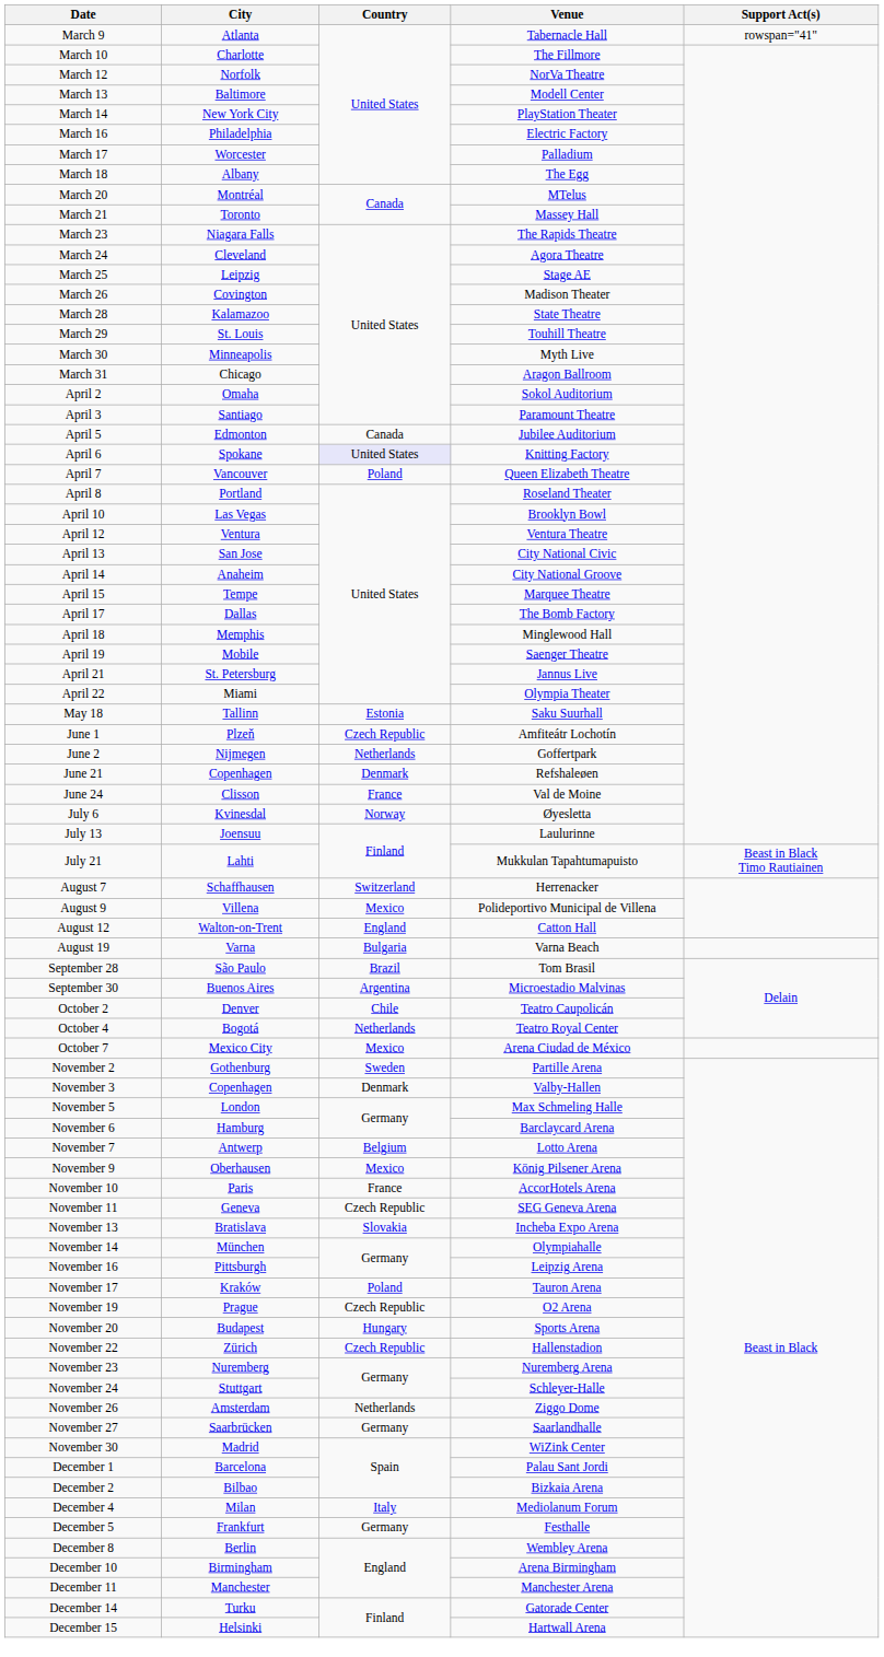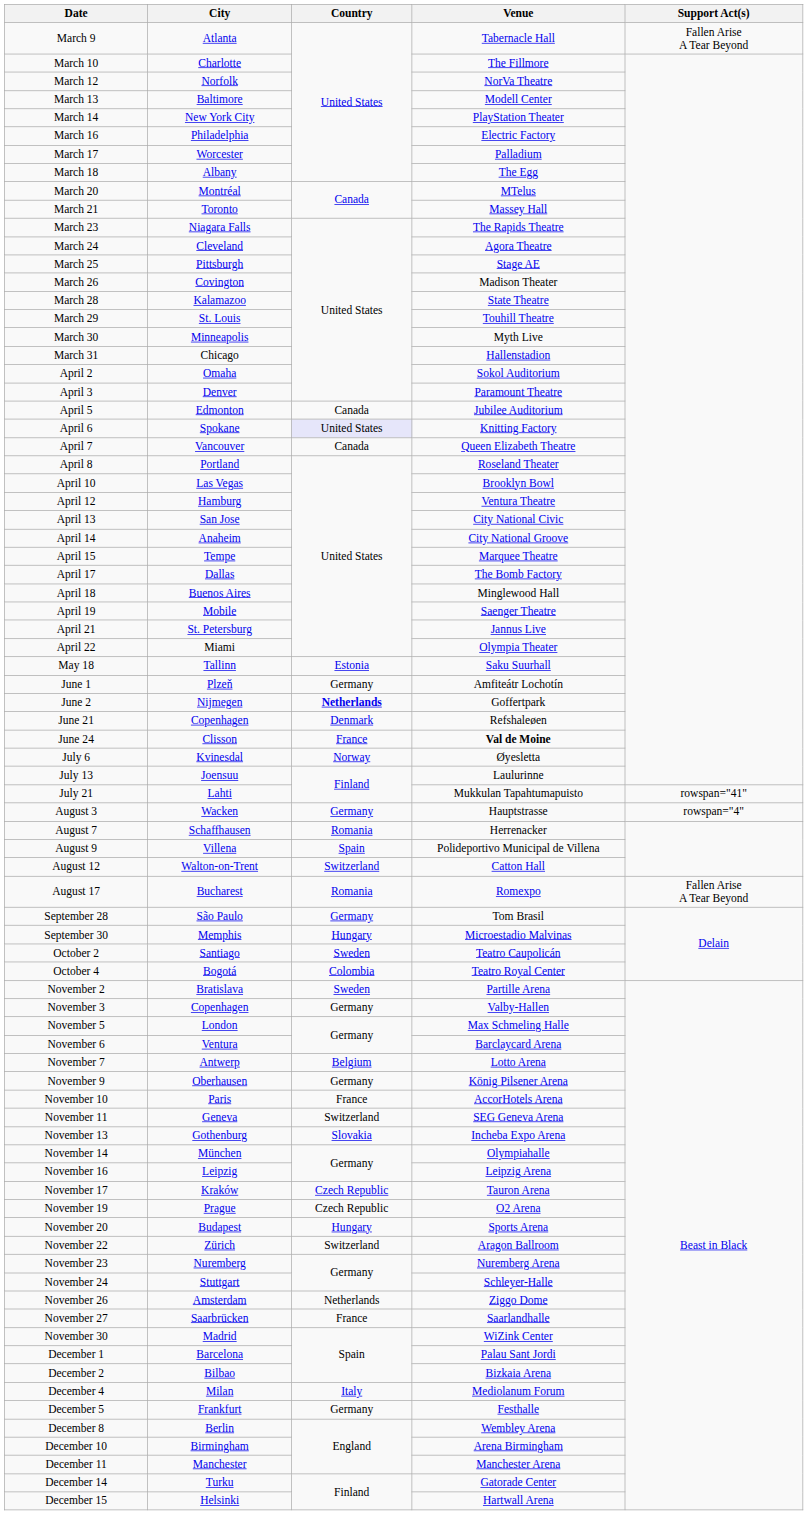 <table class="wikitable plainrowheaders" style="text-align:center;">
 <tr>
 <th scope="col" style="width:12em;">Date</th>
 <th scope="col" style="width:12em;">City</th>
 <th scope="col" style="width:10em;">Country</th>
 <th scope="col" style="width:18em;">Venue</th>
 <th scope="col" style="width:15em;">Support Act(s)</th>
 </tr>
 <tr>
 <td>March 9</td>
 <td><a href='#'>Atlanta</a></td>
 <td rowspan="8"><a href='#'>United States</a></td>
 <td><a href='#'>Tabernacle Hall</a></td>
-<td>rowspan="41" </td>
+<td>Fallen Arise<br>A Tear Beyond</td>
 </tr>
 <tr>
 <td>March 10</td>
 <td><a href='#'>Charlotte</a></td>
 <td><a href='#'>The Fillmore</a></td>
 </tr>
 <tr>
 <td>March 12</td>
 <td><a href='#'>Norfolk</a></td>
 <td><a href='#'>NorVa Theatre</a></td>
 </tr>
 <tr>
 <td>March 13</td>
 <td><a href='#'>Baltimore</a></td>
 <td><a href='#'>Modell Center</a></td>
 </tr>
 <tr>
 <td>March 14</td>
 <td><a href='#'>New York City</a></td>
 <td><a href='#'>PlayStation Theater</a></td>
 </tr>
 <tr>
 <td>March 16</td>
 <td><a href='#'>Philadelphia</a></td>
 <td><a href='#'>Electric Factory</a></td>
 </tr>
 <tr>
 <td>March 17</td>
 <td><a href='#'>Worcester</a></td>
 <td><a href='#'>Palladium</a></td>
 </tr>
 <tr>
 <td>March 18</td>
 <td><a href='#'>Albany</a></td>
 <td><a href='#'>The Egg</a></td>
 </tr>
 <tr>
 <td>March 20</td>
 <td><a href='#'>Montréal</a></td>
 <td rowspan="2"><a href='#'>Canada</a></td>
 <td><a href='#'>MTelus</a></td>
 </tr>
 <tr>
 <td>March 21</td>
 <td><a href='#'>Toronto</a></td>
 <td><a href='#'>Massey Hall</a></td>
 </tr>
 <tr>
 <td>March 23</td>
 <td><a href='#'>Niagara Falls</a></td>
 <td rowspan="10">United States</td>
 <td><a href='#'>The Rapids Theatre</a></td>
 </tr>
 <tr>
 <td>March 24</td>
 <td><a href='#'>Cleveland</a></td>
 <td><a href='#'>Agora Theatre</a></td>
 </tr>
 <tr>
 <td>March 25</td>
-<td><a href='#'>Leipzig</a></td>
+<td><a href='#'>Pittsburgh</a></td>
 <td><a href='#'>Stage AE</a></td>
 </tr>
 <tr>
 <td>March 26</td>
 <td><a href='#'>Covington</a></td>
 <td>Madison Theater</td>
 </tr>
 <tr>
 <td>March 28</td>
 <td><a href='#'>Kalamazoo</a></td>
 <td><a href='#'>State Theatre</a></td>
 </tr>
 <tr>
 <td>March 29</td>
 <td><a href='#'>St. Louis</a></td>
 <td><a href='#'>Touhill Theatre</a></td>
 </tr>
 <tr>
 <td>March 30</td>
 <td><a href='#'>Minneapolis</a></td>
 <td>Myth Live</td>
 </tr>
 <tr>
 <td>March 31</td>
 <td>Chicago</td>
-<td><a href='#'>Aragon Ballroom</a></td>
+<td><a href='#'>Hallenstadion</a></td>
 </tr>
 <tr>
 <td>April 2</td>
 <td><a href='#'>Omaha</a></td>
 <td><a href='#'>Sokol Auditorium</a></td>
 </tr>
 <tr>
 <td>April 3</td>
-<td><a href='#'>Santiago</a></td>
+<td><a href='#'>Denver</a></td>
 <td><a href='#'>Paramount Theatre</a></td>
 </tr>
 <tr>
 <td>April 5</td>
 <td><a href='#'>Edmonton</a></td>
 <td>Canada</td>
 <td><a href='#'>Jubilee Auditorium</a></td>
 </tr>
 <tr>
 <td>April 6</td>
 <td><a href='#'>Spokane</a></td>
 <td style="background: lavender;">United States</td>
 <td><a href='#'>Knitting Factory</a></td>
 </tr>
 <tr>
 <td>April 7</td>
 <td><a href='#'>Vancouver</a></td>
-<td><a href='#'>Poland</a></td>
+<td>Canada</td>
 <td><a href='#'>Queen Elizabeth Theatre</a></td>
 </tr>
 <tr>
 <td>April 8</td>
 <td><a href='#'>Portland</a></td>
 <td rowspan="11">United States</td>
 <td><a href='#'>Roseland Theater</a></td>
 </tr>
 <tr>
 <td>April 10</td>
 <td><a href='#'>Las Vegas</a></td>
 <td><a href='#'>Brooklyn Bowl</a></td>
 </tr>
 <tr>
 <td>April 12</td>
-<td><a href='#'>Ventura</a></td>
+<td><a href='#'>Hamburg</a></td>
 <td><a href='#'>Ventura Theatre</a></td>
 </tr>
 <tr>
 <td>April 13</td>
 <td><a href='#'>San Jose</a></td>
 <td><a href='#'>City National Civic</a></td>
 </tr>
 <tr>
 <td>April 14</td>
 <td><a href='#'>Anaheim</a></td>
 <td><a href='#'>City National Groove</a></td>
 </tr>
 <tr>
 <td>April 15</td>
 <td><a href='#'>Tempe</a></td>
 <td><a href='#'>Marquee Theatre</a></td>
 </tr>
 <tr>
 <td>April 17</td>
 <td><a href='#'>Dallas</a></td>
 <td><a href='#'>The Bomb Factory</a></td>
 </tr>
 <tr>
 <td>April 18</td>
-<td><a href='#'>Memphis</a></td>
+<td><a href='#'>Buenos Aires</a></td>
 <td>Minglewood Hall</td>
 </tr>
 <tr>
 <td>April 19</td>
 <td><a href='#'>Mobile</a></td>
 <td><a href='#'>Saenger Theatre</a></td>
 </tr>
 <tr>
 <td>April 21</td>
 <td><a href='#'>St. Petersburg</a></td>
 <td><a href='#'>Jannus Live</a></td>
 </tr>
 <tr>
 <td>April 22</td>
 <td>Miami</td>
 <td><a href='#'>Olympia Theater</a></td>
 </tr>
 <tr>
 <td>May 18</td>
 <td><a href='#'>Tallinn</a></td>
 <td><a href='#'>Estonia</a></td>
 <td><a href='#'>Saku Suurhall</a></td>
 </tr>
 <tr>
 <td>June 1</td>
 <td><a href='#'>Plzeň</a></td>
-<td><a href='#'>Czech Republic</a></td>
+<td>Germany</td>
 <td>Amfiteátr Lochotín</td>
 </tr>
 <tr>
 <td>June 2</td>
 <td><a href='#'>Nijmegen</a></td>
-<td><a href='#'>Netherlands</a></td>
+<td><strong><a href='#'>Netherlands</a></strong></td>
 <td>Goffertpark</td>
 </tr>
 <tr>
 <td>June 21</td>
 <td><a href='#'>Copenhagen</a></td>
 <td><a href='#'>Denmark</a></td>
 <td>Refshaleøen</td>
 </tr>
 <tr>
 <td>June 24</td>
 <td><a href='#'>Clisson</a></td>
 <td><a href='#'>France</a></td>
-<td>Val de Moine</td>
+<td><strong>Val de Moine</strong></td>
 </tr>
 <tr>
 <td>July 6</td>
 <td><a href='#'>Kvinesdal</a></td>
 <td><a href='#'>Norway</a></td>
 <td>Øyesletta</td>
 </tr>
 <tr>
 <td>July 13</td>
 <td><a href='#'>Joensuu</a></td>
 <td rowspan="2"><a href='#'>Finland</a></td>
 <td>Laulurinne</td>
 </tr>
 <tr>
 <td>July 21</td>
 <td><a href='#'>Lahti</a></td>
 <td>Mukkulan Tapahtumapuisto</td>
-<td><a href='#'>Beast in Black</a><br><a href='#'>Timo Rautiainen</a></td>
+<td>rowspan="41" </td>
+</tr>
+<tr>
+<td>August 3</td>
+<td><a href='#'>Wacken</a></td>
+<td><a href='#'>Germany</a></td>
+<td>Hauptstrasse</td>
+<td>rowspan="4" </td>
 </tr>
 <tr>
 <td>August 7</td>
 <td><a href='#'>Schaffhausen</a></td>
-<td><a href='#'>Switzerland</a></td>
+<td><a href='#'>Romania</a></td>
 <td>Herrenacker</td>
 </tr>
 <tr>
 <td>August 9</td>
 <td><a href='#'>Villena</a></td>
-<td><a href='#'>Mexico</a></td>
+<td><a href='#'>Spain</a></td>
 <td>Polideportivo Municipal de Villena</td>
 </tr>
 <tr>
 <td>August 12</td>
 <td><a href='#'>Walton-on-Trent</a></td>
-<td><a href='#'>England</a></td>
+<td><a href='#'>Switzerland</a></td>
 <td><a href='#'>Catton Hall</a></td>
 </tr>
 <tr>
-<td>August 19</td>
-<td><a href='#'>Varna</a></td>
-<td><a href='#'>Bulgaria</a></td>
-<td>Varna Beach</td>
-<td></td>
+<td>August 17</td>
+<td><a href='#'>Bucharest</a></td>
+<td><a href='#'>Romania</a></td>
+<td><a href='#'>Romexpo</a></td>
+<td>Fallen Arise<br>A Tear Beyond</td>
 </tr>
 <tr>
 <td>September 28</td>
 <td><a href='#'>São Paulo</a></td>
-<td><a href='#'>Brazil</a></td>
+<td><a href='#'>Germany</a></td>
 <td>Tom Brasil</td>
 <td rowspan="4"><a href='#'>Delain</a></td>
 </tr>
 <tr>
 <td>September 30</td>
-<td><a href='#'>Buenos Aires</a></td>
-<td><a href='#'>Argentina</a></td>
+<td><a href='#'>Memphis</a></td>
+<td><a href='#'>Hungary</a></td>
 <td><a href='#'>Microestadio Malvinas</a></td>
 </tr>
 <tr>
 <td>October 2</td>
-<td><a href='#'>Denver</a></td>
-<td><a href='#'>Chile</a></td>
+<td><a href='#'>Santiago</a></td>
+<td><a href='#'>Sweden</a></td>
 <td><a href='#'>Teatro Caupolicán</a></td>
 </tr>
 <tr>
 <td>October 4</td>
 <td><a href='#'>Bogotá</a></td>
-<td><a href='#'>Netherlands</a></td>
+<td><a href='#'>Colombia</a></td>
 <td><a href='#'>Teatro Royal Center</a></td>
 </tr>
 <tr>
-<td>October 7</td>
-<td><a href='#'>Mexico City</a></td>
-<td><a href='#'>Mexico</a></td>
-<td><a href='#'>Arena Ciudad de México</a></td>
-<td></td>
-</tr>
-<tr>
 <td>November 2</td>
-<td><a href='#'>Gothenburg</a></td>
+<td><a href='#'>Bratislava</a></td>
 <td><a href='#'>Sweden</a></td>
 <td><a href='#'>Partille Arena</a></td>
 <td rowspan="29"><a href='#'>Beast in Black</a></td>
 </tr>
 <tr>
 <td>November 3</td>
 <td><a href='#'>Copenhagen</a></td>
-<td>Denmark</td>
+<td>Germany</td>
 <td><a href='#'>Valby-Hallen</a></td>
 </tr>
 <tr>
 <td>November 5</td>
 <td><a href='#'>London</a></td>
 <td rowspan="2">Germany</td>
 <td><a href='#'>Max Schmeling Halle</a></td>
 </tr>
 <tr>
 <td>November 6</td>
-<td><a href='#'>Hamburg</a></td>
+<td><a href='#'>Ventura</a></td>
 <td><a href='#'>Barclaycard Arena</a></td>
 </tr>
 <tr>
 <td>November 7</td>
 <td><a href='#'>Antwerp</a></td>
 <td><a href='#'>Belgium</a></td>
 <td><a href='#'>Lotto Arena</a></td>
 </tr>
 <tr>
 <td>November 9</td>
 <td><a href='#'>Oberhausen</a></td>
-<td><a href='#'>Mexico</a></td>
+<td>Germany</td>
 <td><a href='#'>König Pilsener Arena</a></td>
 </tr>
 <tr>
 <td>November 10</td>
 <td><a href='#'>Paris</a></td>
 <td>France</td>
 <td><a href='#'>AccorHotels Arena</a></td>
 </tr>
 <tr>
 <td>November 11</td>
 <td><a href='#'>Geneva</a></td>
-<td>Czech Republic</td>
+<td>Switzerland</td>
 <td><a href='#'>SEG Geneva Arena</a></td>
 </tr>
 <tr>
 <td>November 13</td>
-<td><a href='#'>Bratislava</a></td>
+<td><a href='#'>Gothenburg</a></td>
 <td><a href='#'>Slovakia</a></td>
 <td><a href='#'>Incheba Expo Arena</a></td>
 </tr>
 <tr>
 <td>November 14</td>
 <td><a href='#'>München</a></td>
 <td rowspan="2">Germany</td>
 <td><a href='#'>Olympiahalle</a></td>
 </tr>
 <tr>
 <td>November 16</td>
-<td><a href='#'>Pittsburgh</a></td>
+<td><a href='#'>Leipzig</a></td>
 <td><a href='#'>Leipzig Arena</a></td>
 </tr>
 <tr>
 <td>November 17</td>
 <td><a href='#'>Kraków</a></td>
-<td><a href='#'>Poland</a></td>
+<td><a href='#'>Czech Republic</a></td>
 <td><a href='#'>Tauron Arena</a></td>
 </tr>
 <tr>
 <td>November 19</td>
 <td><a href='#'>Prague</a></td>
 <td>Czech Republic</td>
 <td><a href='#'>O2 Arena</a></td>
 </tr>
 <tr>
 <td>November 20</td>
 <td><a href='#'>Budapest</a></td>
 <td><a href='#'>Hungary</a></td>
 <td><a href='#'>Sports Arena</a></td>
 </tr>
 <tr>
 <td>November 22</td>
 <td><a href='#'>Zürich</a></td>
-<td><a href='#'>Czech Republic</a></td>
-<td><a href='#'>Hallenstadion</a></td>
+<td>Switzerland</td>
+<td><a href='#'>Aragon Ballroom</a></td>
 </tr>
 <tr>
 <td>November 23</td>
 <td><a href='#'>Nuremberg</a></td>
 <td rowspan="2">Germany</td>
 <td><a href='#'>Nuremberg Arena</a></td>
 </tr>
 <tr>
 <td>November 24</td>
 <td><a href='#'>Stuttgart</a></td>
 <td><a href='#'>Schleyer-Halle</a></td>
 </tr>
 <tr>
 <td>November 26</td>
 <td><a href='#'>Amsterdam</a></td>
 <td>Netherlands</td>
 <td><a href='#'>Ziggo Dome</a></td>
 </tr>
 <tr>
 <td>November 27</td>
 <td><a href='#'>Saarbrücken</a></td>
-<td>Germany</td>
+<td>France</td>
 <td><a href='#'>Saarlandhalle</a></td>
 </tr>
 <tr>
 <td>November 30</td>
 <td><a href='#'>Madrid</a></td>
 <td rowspan="3">Spain</td>
 <td><a href='#'>WiZink Center</a></td>
 </tr>
 <tr>
 <td>December 1</td>
 <td><a href='#'>Barcelona</a></td>
 <td><a href='#'>Palau Sant Jordi</a></td>
 </tr>
 <tr>
 <td>December 2</td>
 <td><a href='#'>Bilbao</a></td>
 <td><a href='#'>Bizkaia Arena</a></td>
 </tr>
 <tr>
 <td>December 4</td>
 <td><a href='#'>Milan</a></td>
 <td><a href='#'>Italy</a></td>
 <td><a href='#'>Mediolanum Forum</a></td>
 </tr>
 <tr>
 <td>December 5</td>
 <td><a href='#'>Frankfurt</a></td>
 <td>Germany</td>
 <td><a href='#'>Festhalle</a></td>
 </tr>
 <tr>
 <td>December 8</td>
 <td><a href='#'>Berlin</a></td>
 <td rowspan="3">England</td>
 <td><a href='#'>Wembley Arena</a></td>
 </tr>
 <tr>
 <td>December 10</td>
 <td><a href='#'>Birmingham</a></td>
 <td><a href='#'>Arena Birmingham</a></td>
 </tr>
 <tr>
 <td>December 11</td>
 <td><a href='#'>Manchester</a></td>
 <td><a href='#'>Manchester Arena</a></td>
 </tr>
 <tr>
 <td>December 14</td>
 <td><a href='#'>Turku</a></td>
 <td rowspan="2">Finland</td>
 <td><a href='#'>Gatorade Center</a></td>
 </tr>
 <tr>
 <td>December 15</td>
 <td><a href='#'>Helsinki</a></td>
 <td><a href='#'>Hartwall Arena</a></td>
 </tr>
 </table>
